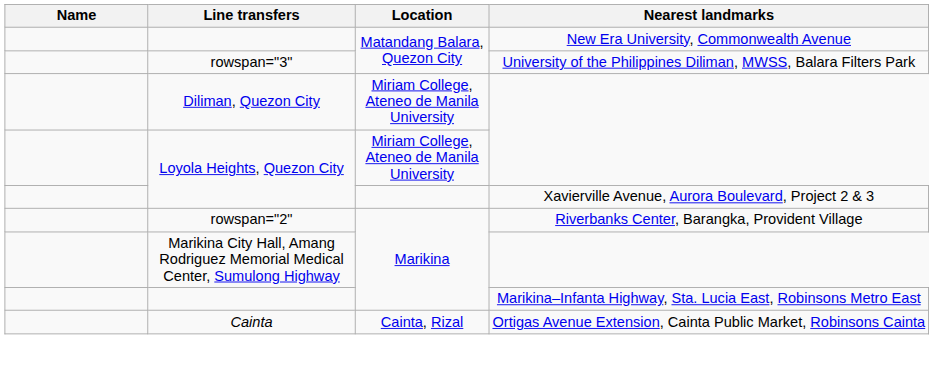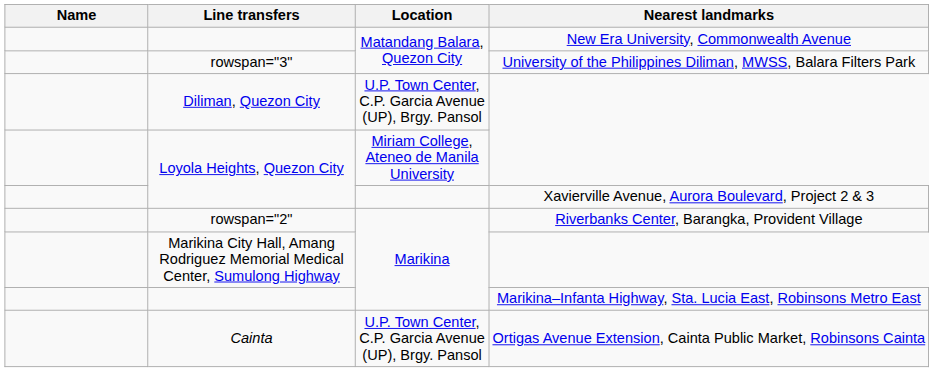 <table class="wikitable" style="margin-left: auto; margin-right: auto; border: none; text-align:center">
 <tr>
 <th width="150px">Name</th>
 <th width="220px">Line transfers</th>
 <th width="140px">Location</th>
 <th>Nearest landmarks</th>
 </tr>
 <tr>
 <td><em></em></td>
 <td> <em></em></td>
 <td rowspan="2"><a href='#'>Matandang Balara</a>, <a href='#'>Quezon City</a></td>
 <td><a href='#'>New Era University</a>, <a href='#'>Commonwealth Avenue</a></td>
 </tr>
 <tr>
 <td><em></em></td>
 <td>rowspan="3" </td>
 <td><a href='#'>University of the Philippines Diliman</a>, <a href='#'>MWSS</a>, Balara Filters Park</td>
 </tr>
 <tr>
 <td><em></em></td>
 <td><a href='#'>Diliman</a>, <a href='#'>Quezon City</a></td>
-<td><a href='#'>Miriam College</a>, <a href='#'>Ateneo de Manila University</a></td>
+<td><a href='#'>U.P. Town Center</a>, C.P. Garcia Avenue (UP), Brgy. Pansol</td>
 </tr>
 <tr>
 <td><em></em></td>
 <td rowspan="2"><a href='#'>Loyola Heights</a>, <a href='#'>Quezon City</a></td>
 <td><a href='#'>Miriam College</a>, <a href='#'>Ateneo de Manila University</a></td>
 </tr>
 <tr>
 <td><em></em></td>
 <td> </td>
 <td>Xavierville Avenue, <a href='#'>Aurora Boulevard</a>, Project 2 & 3</td>
 </tr>
 <tr>
 <td><em></em></td>
 <td>rowspan="2" </td>
 <td rowspan="3"><a href='#'>Marikina</a></td>
 <td><a href='#'>Riverbanks Center</a>, Barangka, Provident Village</td>
 </tr>
 <tr>
 <td><em></em></td>
 <td>Marikina City Hall, Amang Rodriguez Memorial Medical Center, <a href='#'>Sumulong Highway</a></td>
 </tr>
 <tr>
 <td><em></em></td>
 <td> </td>
 <td><a href='#'>Marikina–Infanta Highway</a>, <a href='#'>Sta. Lucia East</a>, <a href='#'>Robinsons Metro East</a></td>
 </tr>
 <tr>
 <td><em></em></td>
 <td> <em>Cainta</em></td>
-<td><a href='#'>Cainta</a>, <a href='#'>Rizal</a></td>
+<td><a href='#'>U.P. Town Center</a>, C.P. Garcia Avenue (UP), Brgy. Pansol</td>
 <td><a href='#'>Ortigas Avenue Extension</a>, Cainta Public Market, <a href='#'>Robinsons Cainta</a></td>
 </tr>
 </table>
